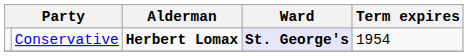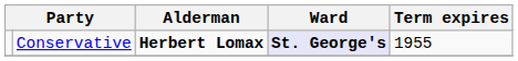 <table class="wikitable">
 <tr>
 <th colspan="2">Party</th>
 <th>Alderman</th>
 <th>Ward</th>
 <th>Term expires</th>
 </tr>
 <tr>
 <td style="background-color:"></td>
 <td><a href='#'>Conservative</a></td>
 <td><strong>Herbert Lomax</strong></td>
 <td style="background: lavender;"><strong>St. George's</strong></td>
-<td>1954</td>
+<td>1955</td>
 </tr>
 <tr>
 </tr>
 </table>
